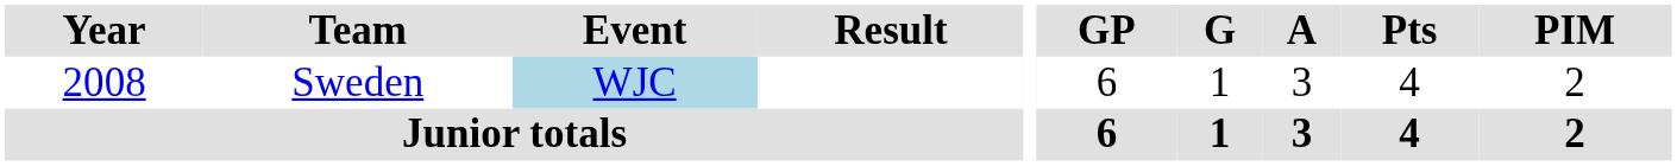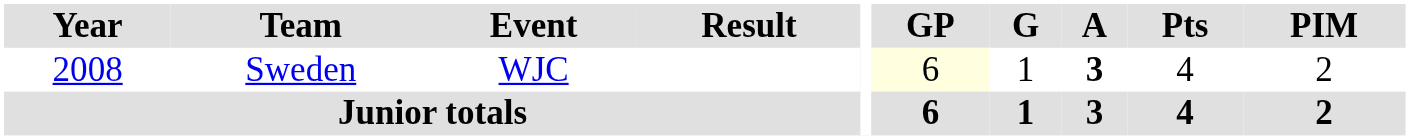 <table border="0" cellpadding="1" cellspacing="0" ID="Table3" style="text-align:center; width:40em">
 <tr align="center" bgcolor="#e0e0e0">
 <th>Year</th>
 <th>Team</th>
 <th>Event</th>
 <th>Result</th>
 <th rowspan="99" bgcolor="#ffffff"></th>
 <th>GP</th>
 <th>G</th>
 <th>A</th>
 <th>Pts</th>
 <th>PIM</th>
 </tr>
 <tr>
 <td><a href='#'>2008</a></td>
 <td><a href='#'>Sweden</a></td>
-<td style="background: lightblue;"><a href='#'>WJC</a></td>
+<td><a href='#'>WJC</a></td>
 <td></td>
-<td>6</td>
+<td style="background: lightyellow;">6</td>
 <td>1</td>
-<td>3</td>
+<td><strong>3</strong></td>
 <td>4</td>
 <td>2</td>
 </tr>
 <tr bgcolor="#e0e0e0">
 <th colspan="4">Junior totals</th>
 <th>6</th>
 <th>1</th>
 <th>3</th>
 <th>4</th>
 <th>2</th>
 </tr>
 </table>
